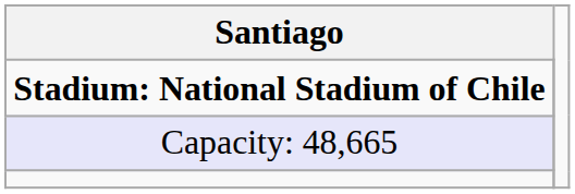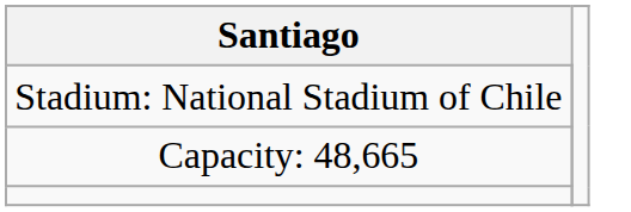 <table class="wikitable" style="text-align:center">
 <tr>
 <th colspan="2">Santiago</th>
 <td rowspan=4></td>
 </tr>
 <tr>
-<td><strong>Stadium: National Stadium of Chile</strong></td>
+<td>Stadium: National Stadium of Chile</td>
 </tr>
 <tr>
-<td style="background: lavender;">Capacity: 48,665</td>
+<td>Capacity: 48,665</td>
 </tr>
 <tr>
 <td></td>
 </tr>
 </table>
